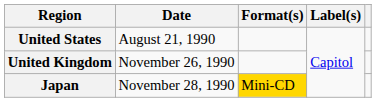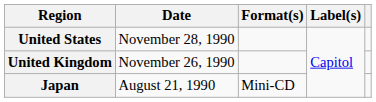 <table class="wikitable plainrowheaders">
 <tr>
 <th scope="col">Region</th>
 <th scope="col">Date</th>
 <th scope="col">Format(s)</th>
 <th scope="col">Label(s)</th>
 <th scope="col"></th>
 </tr>
 <tr>
 <th scope="row">United States</th>
-<td>August 21, 1990</td>
+<td>November 28, 1990</td>
 <td></td>
 <td rowspan="3"><a href='#'>Capitol</a></td>
 <td></td>
 </tr>
 <tr>
 <th scope="row">United Kingdom</th>
 <td>November 26, 1990</td>
 <td></td>
 <td></td>
 </tr>
 <tr>
 <th scope="row">Japan</th>
-<td>November 28, 1990</td>
-<td style="background: gold;">Mini-CD</td>
+<td>August 21, 1990</td>
+<td>Mini-CD</td>
 <td></td>
 </tr>
 </table>
